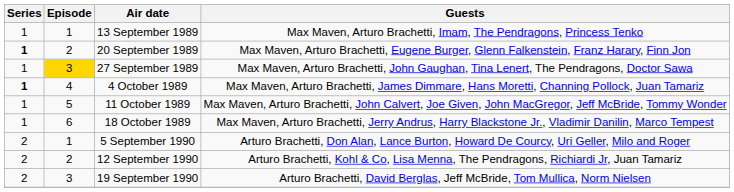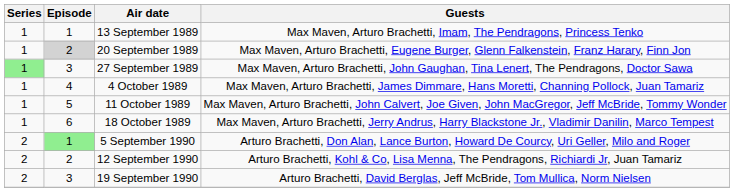 <table class="wikitable" style="text-align:center;">
 <tr>
 <th>Series</th>
 <th>Episode</th>
 <th>Air date</th>
 <th>Guests</th>
 </tr>
 <tr>
 <td>1</td>
 <td>1</td>
 <td>13 September 1989</td>
 <td>Max Maven, Arturo Brachetti, <a href='#'>Imam</a>, <a href='#'>The Pendragons</a>, <a href='#'>Princess Tenko</a></td>
 </tr>
 <tr>
-<td><strong>1</strong></td>
-<td>2</td>
+<td>1</td>
+<td style="background: lightgrey;">2</td>
 <td>20 September 1989</td>
 <td>Max Maven, Arturo Brachetti, <a href='#'>Eugene Burger</a>, <a href='#'>Glenn Falkenstein</a>, <a href='#'>Franz Harary</a>, <a href='#'>Finn Jon</a></td>
 </tr>
 <tr>
-<td>1</td>
-<td style="background: gold;">3</td>
+<td style="background: lightgreen;">1</td>
+<td>3</td>
 <td>27 September 1989</td>
 <td>Max Maven, Arturo Brachetti, <a href='#'>John Gaughan</a>, <a href='#'>Tina Lenert</a>, The Pendragons, <a href='#'>Doctor Sawa</a></td>
 </tr>
 <tr>
-<td><strong>1</strong></td>
+<td>1</td>
 <td>4</td>
 <td>4 October 1989</td>
 <td>Max Maven, Arturo Brachetti, <a href='#'>James Dimmare</a>, <a href='#'>Hans Moretti</a>, <a href='#'>Channing Pollock</a>, <a href='#'>Juan Tamariz</a></td>
 </tr>
 <tr>
 <td>1</td>
 <td>5</td>
 <td>11 October 1989</td>
 <td>Max Maven, Arturo Brachetti, <a href='#'>John Calvert</a>, <a href='#'>Joe Given</a>, <a href='#'>John MacGregor</a>, <a href='#'>Jeff McBride</a>, <a href='#'>Tommy Wonder</a></td>
 </tr>
 <tr>
 <td>1</td>
 <td>6</td>
 <td>18 October 1989</td>
 <td>Max Maven, Arturo Brachetti, <a href='#'>Jerry Andrus</a>, <a href='#'>Harry Blackstone Jr.</a>, <a href='#'>Vladimir Danilin</a>, <a href='#'>Marco Tempest</a></td>
 </tr>
 <tr>
 <td>2</td>
-<td>1</td>
+<td style="background: lightgreen;">1</td>
 <td>5 September 1990</td>
 <td>Arturo Brachetti, <a href='#'>Don Alan</a>, <a href='#'>Lance Burton</a>, <a href='#'>Howard De Courcy</a>, <a href='#'>Uri Geller</a>, <a href='#'>Milo and Roger</a></td>
 </tr>
 <tr>
 <td>2</td>
 <td>2</td>
 <td>12 September 1990</td>
 <td>Arturo Brachetti, <a href='#'>Kohl & Co</a>, <a href='#'>Lisa Menna</a>, The Pendragons, <a href='#'>Richiardi Jr</a>, Juan Tamariz</td>
 </tr>
 <tr>
 <td>2</td>
 <td>3</td>
 <td>19 September 1990</td>
 <td>Arturo Brachetti, <a href='#'>David Berglas</a>, Jeff McBride, <a href='#'>Tom Mullica</a>, <a href='#'>Norm Nielsen</a></td>
 </tr>
 <tr>
 </tr>
 </table>
